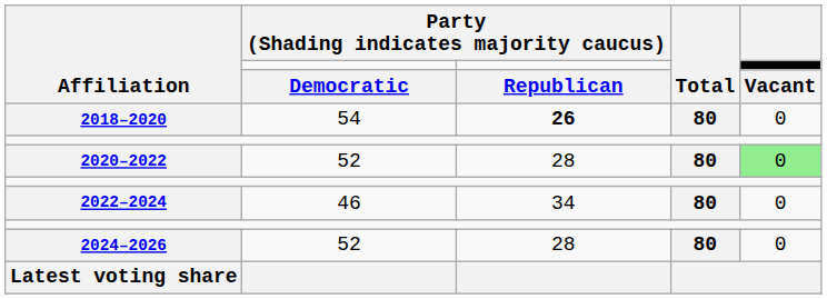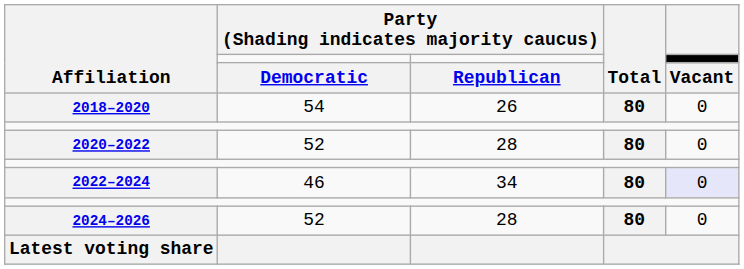 <table class=wikitable style="text-align:center">
 <tr style="vertical-align:bottom;">
 <th rowspan=3>Affiliation</th>
 <th colspan=2>Party <div>(Shading indicates majority caucus)</div></th>
 <th rowspan=3>Total</th>
 <th></th>
 </tr>
 <tr style="height:5px">
 <td style="background-color:"></td>
 <td style="background-color:"></td>
 <td style="background-color:black"></td>
 </tr>
 <tr>
 <th><a href='#'>Democratic</a></th>
 <th><a href='#'>Republican</a></th>
 <th>Vacant</th>
 </tr>
 <tr>
 <th nowrap style="font-size:80%"><a href='#'>2018–2020</a></th>
 <td>54</td>
-<td><strong>26</strong></td>
+<td>26</td>
 <th>80</th>
 <td>0</td>
 </tr>
 <tr>
 <td colspan=5></td>
 </tr>
 <tr>
 <th nowrap style="font-size:80%"><a href='#'>2020–2022</a></th>
 <td>52</td>
 <td>28</td>
 <th>80</th>
-<td style="background: lightgreen;">0</td>
+<td>0</td>
 </tr>
 <tr>
 <td colspan=5></td>
 </tr>
 <tr>
 <th nowrap style="font-size:80%"><a href='#'>2022–2024</a></th>
 <td>46</td>
 <td>34</td>
 <th>80</th>
-<td>0</td>
+<td style="background: lavender;">0</td>
 </tr>
 <tr>
 <td colspan=5></td>
 </tr>
 <tr>
 <th nowrap style="font-size:80%"><a href='#'>2024–2026</a></th>
 <td>52</td>
 <td>28</td>
 <th>80</th>
 <td>0</td>
 </tr>
 <tr>
 <th>Latest voting share</th>
 <th></th>
 <th></th>
 <th colspan=2></th>
 </tr>
 </table>
